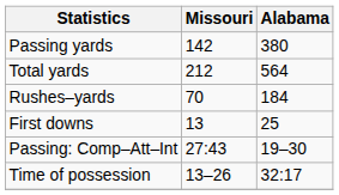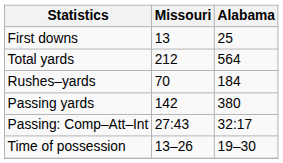 <table class="wikitable" style="float: left;">
 <tr>
 <th>Statistics</th>
 <th>Missouri</th>
 <th>Alabama</th>
 </tr>
 <tr>
-<td>Passing yards</td>
-<td>142</td>
-<td>380</td>
+<td>First downs</td>
+<td>13</td>
+<td>25</td>
 </tr>
 <tr>
 <td>Total yards</td>
 <td>212</td>
 <td>564</td>
 </tr>
 <tr>
 <td>Rushes–yards</td>
 <td>70</td>
 <td>184</td>
 </tr>
 <tr>
-<td>First downs</td>
-<td>13</td>
-<td>25</td>
+<td>Passing yards</td>
+<td>142</td>
+<td>380</td>
 </tr>
 <tr>
 <td>Passing: Comp–Att–Int</td>
 <td>27:43</td>
-<td>19–30</td>
+<td>32:17</td>
 </tr>
 <tr>
 <td>Time of possession</td>
 <td>13–26</td>
-<td>32:17</td>
+<td>19–30</td>
 </tr>
 <tr>
 </tr>
 </table>
